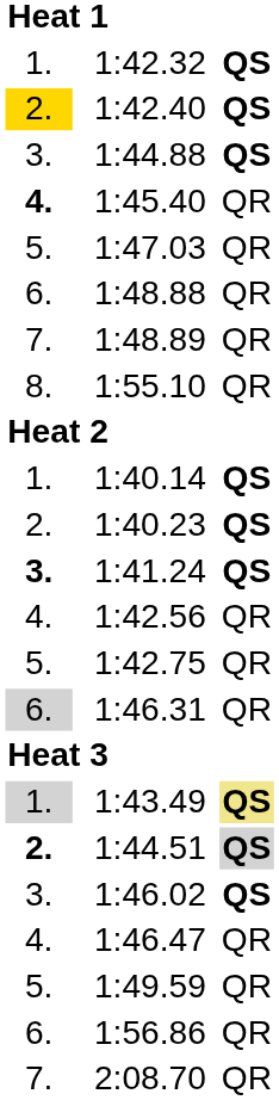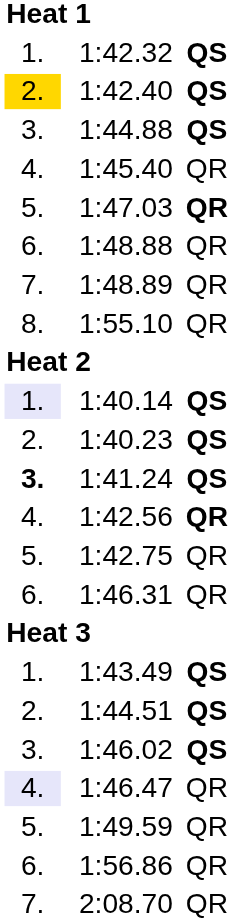 <table style="text-align:center">
 <tr>
 <td colspan=4 align=left><strong>Heat 1</strong></td>
 </tr>
 <tr>
 <td width=30>1.</td>
 <td align=left></td>
 <td width=60>1:42.32</td>
 <td><strong>QS</strong></td>
 </tr>
 <tr>
 <td style="background: gold;">2.</td>
 <td align=left></td>
 <td>1:42.40</td>
 <td><strong>QS</strong></td>
 </tr>
 <tr>
 <td>3.</td>
 <td align=left></td>
 <td>1:44.88</td>
 <td><strong>QS</strong></td>
 </tr>
 <tr>
-<td><strong>4.</strong></td>
+<td>4.</td>
 <td align=left></td>
 <td>1:45.40</td>
 <td>QR</td>
 </tr>
 <tr>
 <td>5.</td>
 <td align=left></td>
 <td>1:47.03</td>
-<td>QR</td>
+<td><strong>QR</strong></td>
 </tr>
 <tr>
 <td>6.</td>
 <td align=left></td>
 <td>1:48.88</td>
 <td>QR</td>
 </tr>
 <tr>
 <td>7.</td>
 <td align=left></td>
 <td>1:48.89</td>
 <td>QR</td>
 </tr>
 <tr>
 <td>8.</td>
 <td align=left></td>
 <td>1:55.10</td>
 <td>QR</td>
 </tr>
 <tr>
 <td colspan=4 align=left><strong>Heat 2</strong></td>
 </tr>
 <tr>
-<td>1.</td>
+<td style="background: lavender;">1.</td>
 <td align=left></td>
 <td>1:40.14</td>
 <td><strong>QS</strong></td>
 </tr>
 <tr>
 <td>2.</td>
 <td align=left></td>
 <td>1:40.23</td>
 <td><strong>QS</strong></td>
 </tr>
 <tr>
 <td><strong>3.</strong></td>
 <td align=left></td>
 <td>1:41.24</td>
 <td><strong>QS</strong></td>
 </tr>
 <tr>
 <td>4.</td>
 <td align=left></td>
 <td>1:42.56</td>
-<td>QR</td>
+<td><strong>QR</strong></td>
 </tr>
 <tr>
 <td>5.</td>
 <td align=left></td>
 <td>1:42.75</td>
 <td>QR</td>
 </tr>
 <tr>
-<td style="background: lightgrey;">6.</td>
+<td>6.</td>
 <td align=left></td>
 <td>1:46.31</td>
 <td>QR</td>
 </tr>
 <tr>
 <td colspan=4 align=left><strong>Heat 3</strong></td>
 </tr>
 <tr>
-<td style="background: lightgrey;">1.</td>
+<td>1.</td>
 <td align=left></td>
 <td>1:43.49</td>
-<td style="background: khaki;"><strong>QS</strong></td>
+<td><strong>QS</strong></td>
 </tr>
 <tr>
-<td><strong>2.</strong></td>
+<td>2.</td>
 <td align=left></td>
 <td>1:44.51</td>
-<td style="background: lightgrey;"><strong>QS</strong></td>
+<td><strong>QS</strong></td>
 </tr>
 <tr>
 <td>3.</td>
 <td align=left></td>
 <td>1:46.02</td>
 <td><strong>QS</strong></td>
 </tr>
 <tr>
-<td>4.</td>
+<td style="background: lavender;">4.</td>
 <td align=left></td>
 <td>1:46.47</td>
 <td>QR</td>
 </tr>
 <tr>
 <td>5.</td>
 <td align=left></td>
 <td>1:49.59</td>
 <td>QR</td>
 </tr>
 <tr>
 <td>6.</td>
 <td align=left></td>
 <td>1:56.86</td>
 <td>QR</td>
 </tr>
 <tr>
 <td>7.</td>
 <td align=left></td>
 <td>2:08.70</td>
 <td>QR</td>
 </tr>
 </table>
